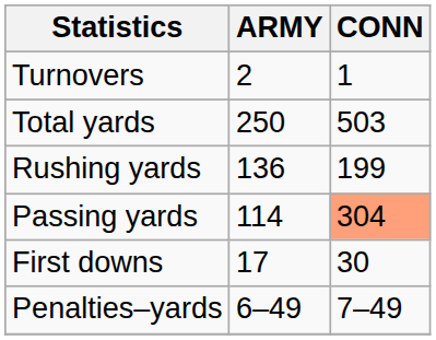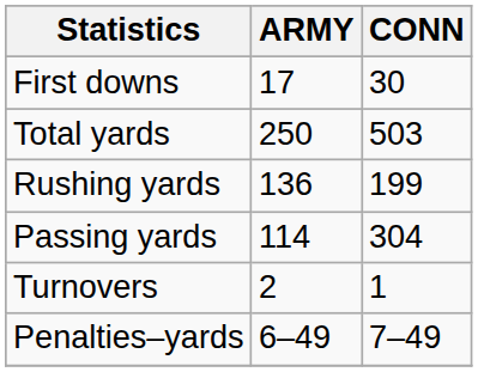 <table class="wikitable" style="float: left;">
 <tr>
 <th>Statistics</th>
 <th>ARMY</th>
 <th>CONN</th>
 </tr>
 <tr>
-<td>Turnovers</td>
-<td>2</td>
-<td>1</td>
+<td>First downs</td>
+<td>17</td>
+<td>30</td>
 </tr>
 <tr>
 <td>Total yards</td>
 <td>250</td>
 <td>503</td>
 </tr>
 <tr>
 <td>Rushing yards</td>
 <td>136</td>
 <td>199</td>
 </tr>
 <tr>
 <td>Passing yards</td>
 <td>114</td>
-<td style="background: lightsalmon;">304</td>
+<td>304</td>
 </tr>
 <tr>
-<td>First downs</td>
-<td>17</td>
-<td>30</td>
+<td>Turnovers</td>
+<td>2</td>
+<td>1</td>
 </tr>
 <tr>
 <td>Penalties–yards</td>
 <td>6–49</td>
 <td>7–49</td>
 </tr>
 <tr>
 </tr>
 </table>
